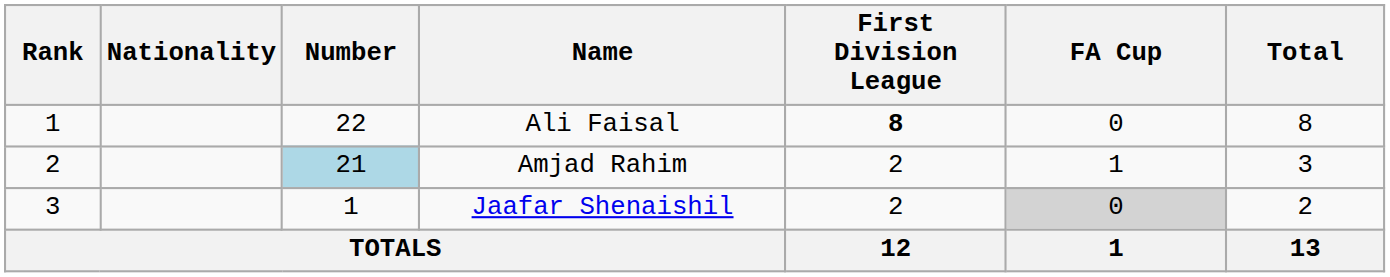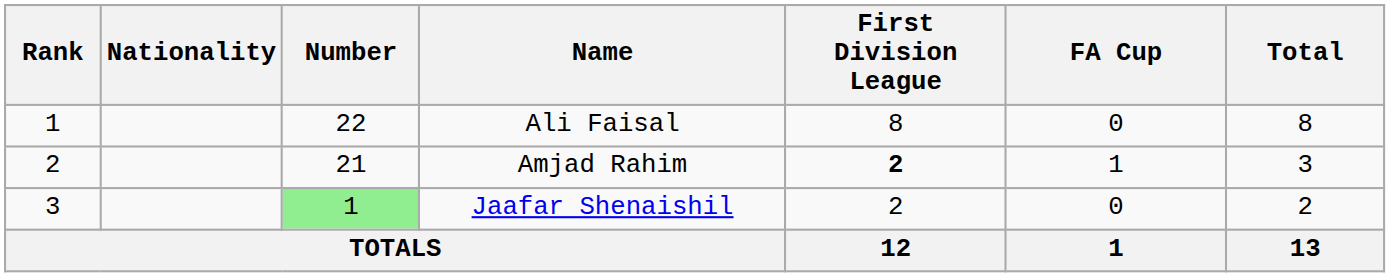 <table class="wikitable" style="font-size: 95%; text-align: center;">
 <tr>
 <th width=40>Rank</th>
 <th width=60>Nationality</th>
 <th width=60>Number</th>
 <th width=170>Name</th>
 <th width=100>First Division League</th>
 <th width=100>FA Cup</th>
 <th width=70>Total</th>
 </tr>
 <tr>
 <td rowspan="1">1</td>
 <td></td>
 <td>22</td>
 <td>Ali Faisal</td>
-<td><strong>8</strong></td>
+<td>8</td>
 <td>0</td>
 <td>8</td>
 </tr>
 <tr>
 <td rowspan="1">2</td>
 <td></td>
-<td style="background: lightblue;">21</td>
+<td>21</td>
 <td>Amjad Rahim</td>
-<td>2</td>
+<td><strong>2</strong></td>
 <td>1</td>
 <td>3</td>
 </tr>
 <tr>
 <td rowspan="1">3</td>
 <td></td>
-<td>1</td>
+<td style="background: lightgreen;">1</td>
 <td><a href='#'>Jaafar Shenaishil</a></td>
 <td>2</td>
-<td style="background: lightgrey;">0</td>
+<td>0</td>
 <td>2</td>
 </tr>
 <tr>
 <th colspan="4">TOTALS</th>
 <th>12</th>
 <th>1</th>
 <th>13</th>
 </tr>
 </table>
